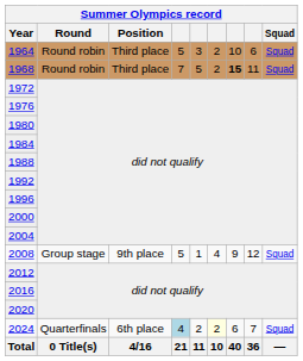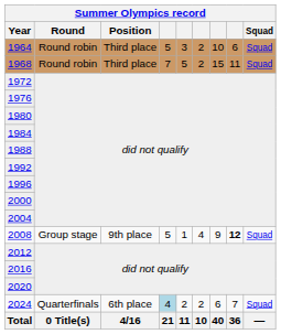 <table class="wikitable" style="text-align: center;">
 <tr>
 <th colspan=9><a href='#'>Summer Olympics record</a></th>
 </tr>
 <tr>
 <th>Year</th>
 <th>Round</th>
 <th>Position</th>
 <th></th>
 <th></th>
 <th></th>
 <th></th>
 <th></th>
 <th><small>Squad</small></th>
 </tr>
 <tr bgcolor=cc9966>
 <td> <a href='#'>1964</a></td>
 <td>Round robin</td>
 <td>Third place</td>
 <td>5</td>
 <td>3</td>
 <td>2</td>
 <td>10</td>
 <td>6</td>
 <td><small><a href='#'>Squad</a></small></td>
 </tr>
 <tr bgcolor=cc9966>
 <td> <a href='#'>1968</a></td>
 <td>Round robin</td>
 <td>Third place</td>
 <td>7</td>
 <td>5</td>
 <td>2</td>
-<td><strong>15</strong></td>
+<td>15</td>
 <td>11</td>
 <td><small><a href='#'>Squad</a></small></td>
 </tr>
 <tr bgcolor="efefef">
 <td> <a href='#'>1972</a></td>
 <td colspan=8 rowspan=9 align=center><em>did not qualify</em></td>
 </tr>
 <tr bgcolor="efefef">
 <td> <a href='#'>1976</a></td>
 </tr>
 <tr bgcolor="efefef">
 <td> <a href='#'>1980</a></td>
 </tr>
 <tr bgcolor="efefef">
 <td> <a href='#'>1984</a></td>
 </tr>
 <tr bgcolor="efefef">
 <td> <a href='#'>1988</a></td>
 </tr>
 <tr bgcolor="efefef">
 <td> <a href='#'>1992</a></td>
 </tr>
 <tr bgcolor="efefef">
 <td> <a href='#'>1996</a></td>
 </tr>
 <tr bgcolor="efefef">
 <td> <a href='#'>2000</a></td>
 </tr>
 <tr bgcolor="efefef">
 <td> <a href='#'>2004</a></td>
 </tr>
 <tr>
 <td> <a href='#'>2008</a></td>
 <td>Group stage</td>
 <td>9th place</td>
 <td>5</td>
 <td>1</td>
 <td>4</td>
 <td>9</td>
-<td>12</td>
+<td><strong>12</strong></td>
 <td><small><a href='#'>Squad</a></small></td>
 </tr>
 <tr bgcolor="efefef">
 <td> <a href='#'>2012</a></td>
 <td colspan=8 rowspan=3 align=center><em>did not qualify</em></td>
 </tr>
 <tr bgcolor="efefef">
 <td> <a href='#'>2016</a></td>
 </tr>
 <tr bgcolor="efefef">
 <td> <a href='#'>2020</a></td>
 </tr>
 <tr>
 <td> <a href='#'>2024</a></td>
 <td>Quarterfinals</td>
 <td>6th place</td>
 <td style="background: lightblue;">4</td>
 <td>2</td>
-<td style="background: lightyellow;">2</td>
+<td>2</td>
 <td>6</td>
 <td>7</td>
 <td><small><a href='#'>Squad</a></small></td>
 </tr>
 <tr>
 <th>Total</th>
 <th>0 Title(s)</th>
 <th>4/16</th>
 <th>21</th>
 <th>11</th>
 <th>10</th>
 <th>40</th>
 <th>36</th>
 <th>—</th>
 </tr>
 </table>
